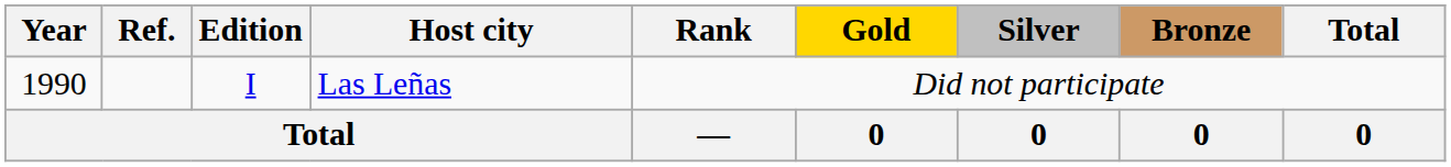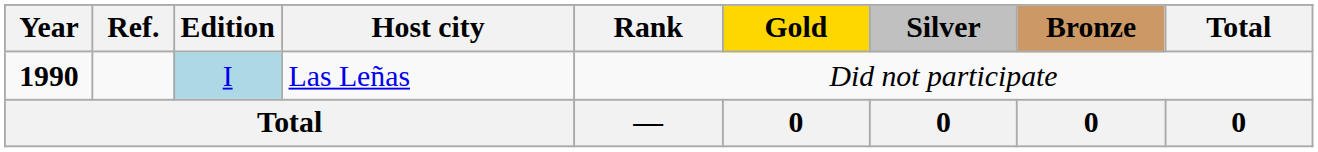 <table class="wikitable sortable" style="text-align:center;">
 <tr>
 <th scope="col"> Year </th>
 <th scope="col" class="unsortable"> Ref. </th>
 <th scope="col">Edition</th>
 <th scope="col" style="width:150px;">Host city</th>
 <th scope="col" style="width:4.5em;"> Rank </th>
 <th scope="col" style="width:4.5em; background:gold">Gold</th>
 <th scope="col" style="width:4.5em; background:silver">Silver</th>
 <th scope="col" style="width:4.5em; background:#cc9966">Bronze</th>
 <th scope="col" style="width:4.5em;">Total</th>
 </tr>
 <tr>
-<td><span>1990</span></td>
+<td><strong><span>1990</span></strong></td>
 <td></td>
-<td><a href='#'>I</a></td>
+<td style="background: lightblue;"><a href='#'>I</a></td>
 <td align=left> <a href='#'>Las Leñas</a></td>
 <td colspan="5"><span><em>Did not participate</em></span></td>
 </tr>
 <tr class="sortbottom">
 <th colspan=4>Total</th>
 <th>—</th>
 <th>0</th>
 <th>0</th>
 <th>0</th>
 <th>0</th>
 </tr>
 </table>
